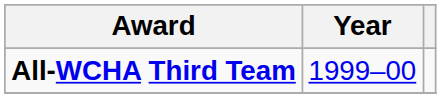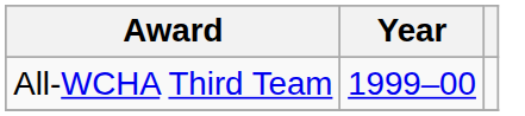 <table class="wikitable">
 <tr>
 <th>Award</th>
 <th>Year</th>
 <th></th>
 </tr>
 <tr>
-<td><strong>All-<a href='#'>WCHA</a> <a href='#'>Third Team</a></strong></td>
+<td>All-<a href='#'>WCHA</a> <a href='#'>Third Team</a></td>
 <td><a href='#'>1999–00</a></td>
 <td></td>
 </tr>
 <tr>
 </tr>
 </table>
